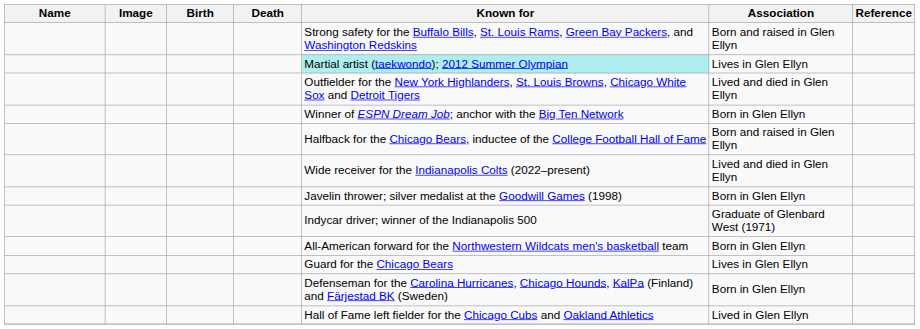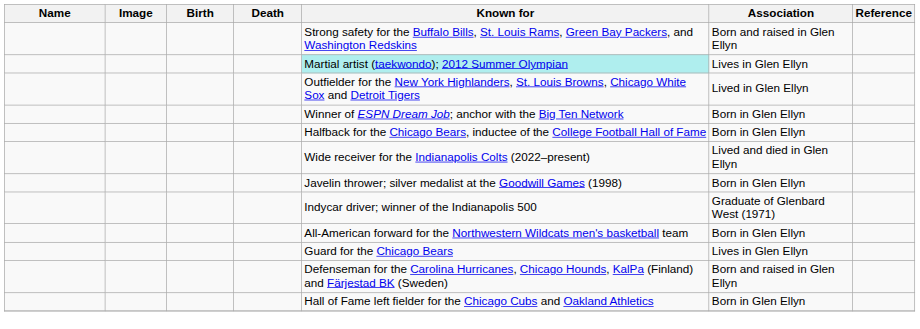 <table class="wikitable sortable">
 <tr>
 <th scope="col" width="140">Name</th>
 <th scope="col" width="80" class="unsortable">Image</th>
 <th scope="col" width="90">Birth</th>
 <th scope="col" width="90">Death</th>
 <th scope="col" width="600" class="unsortable">Known for</th>
 <th scope="col" width="200" class="unsortable">Association</th>
 <th scope="col" width="30" class="unsortable">Reference</th>
 </tr>
 <tr>
 <td></td>
 <td></td>
 <td align=right></td>
 <td></td>
 <td>Strong safety for the <a href='#'>Buffalo Bills</a>, <a href='#'>St. Louis Rams</a>, <a href='#'>Green Bay Packers</a>, and <a href='#'>Washington Redskins</a></td>
 <td>Born and raised in Glen Ellyn</td>
 <td align="center"></td>
 </tr>
 <tr>
 <td></td>
 <td></td>
 <td align=right></td>
 <td></td>
 <td style="background: paleturquoise;">Martial artist (<a href='#'>taekwondo</a>); <a href='#'>2012 Summer Olympian</a></td>
 <td>Lives in Glen Ellyn</td>
 <td align="center"></td>
 </tr>
 <tr>
 <td></td>
 <td></td>
 <td align=right></td>
 <td align=right></td>
 <td>Outfielder for the <a href='#'>New York Highlanders</a>, <a href='#'>St. Louis Browns</a>, <a href='#'>Chicago White Sox</a> and <a href='#'>Detroit Tigers</a></td>
-<td>Lived and died in Glen Ellyn</td>
+<td>Lived in Glen Ellyn</td>
 <td align="center"></td>
 </tr>
 <tr>
 <td></td>
 <td></td>
 <td align=right></td>
 <td></td>
 <td>Winner of <em><a href='#'>ESPN Dream Job</a></em>; anchor with the <a href='#'>Big Ten Network</a></td>
 <td>Born in Glen Ellyn</td>
 <td align="center"></td>
 </tr>
 <tr>
 <td></td>
 <td></td>
 <td align=right></td>
 <td align=right></td>
 <td>Halfback for the <a href='#'>Chicago Bears</a>, inductee of the <a href='#'>College Football Hall of Fame</a></td>
-<td>Born and raised in Glen Ellyn</td>
+<td>Born in Glen Ellyn</td>
 <td align="center"></td>
 </tr>
 <tr>
 <td></td>
 <td></td>
 <td align=right></td>
 <td></td>
 <td>Wide receiver for the <a href='#'>Indianapolis Colts</a> (2022–present)</td>
 <td>Lived and died in Glen Ellyn</td>
 <td align="center"></td>
 </tr>
 <tr>
 <td></td>
 <td></td>
 <td align=right></td>
 <td></td>
 <td>Javelin thrower; silver medalist at the <a href='#'>Goodwill Games</a> (1998)</td>
 <td>Born in Glen Ellyn</td>
 <td align="center"></td>
 </tr>
 <tr>
 <td></td>
 <td></td>
 <td align=right></td>
 <td></td>
 <td>Indycar driver; winner of the Indianapolis 500</td>
 <td>Graduate of Glenbard West (1971)</td>
 <td align="center"></td>
 </tr>
 <tr>
 <td></td>
 <td></td>
 <td align=right></td>
 <td></td>
 <td>All-American forward for the <a href='#'>Northwestern Wildcats men's basketball</a> team</td>
 <td>Born in Glen Ellyn</td>
 <td align="center"></td>
 </tr>
 <tr>
 <td></td>
 <td></td>
 <td align=right></td>
 <td></td>
 <td>Guard for the <a href='#'>Chicago Bears</a></td>
 <td>Lives in Glen Ellyn</td>
 <td align="center"></td>
 </tr>
 <tr>
 <td></td>
 <td></td>
 <td align=right></td>
 <td></td>
 <td>Defenseman for the <a href='#'>Carolina Hurricanes</a>, <a href='#'>Chicago Hounds</a>, <a href='#'>KalPa</a> (Finland) and <a href='#'>Färjestad BK</a> (Sweden)</td>
-<td>Born in Glen Ellyn</td>
+<td>Born and raised in Glen Ellyn</td>
 <td align="center"></td>
 </tr>
 <tr>
 <td></td>
 <td></td>
 <td align=right></td>
 <td></td>
 <td>Hall of Fame left fielder for the <a href='#'>Chicago Cubs</a> and <a href='#'>Oakland Athletics</a></td>
-<td>Lived in Glen Ellyn</td>
+<td>Born in Glen Ellyn</td>
 <td align="center"></td>
 </tr>
 <tr>
 </tr>
 </table>
